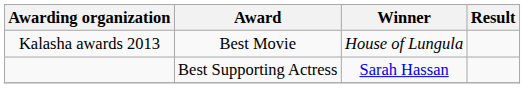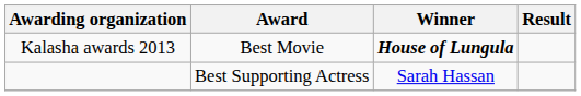 <table class="wikitable sortable" style="text-align: center;">
 <tr>
 <th>Awarding organization</th>
 <th>Award</th>
 <th>Winner</th>
 <th>Result</th>
 </tr>
 <tr>
 <td>Kalasha awards 2013</td>
 <td>Best Movie</td>
-<td><em>House of Lungula</em></td>
+<td><strong><em>House of Lungula</em></strong></td>
 <td></td>
 </tr>
 <tr>
 <td></td>
 <td>Best Supporting Actress</td>
 <td><a href='#'>Sarah Hassan</a></td>
 <td></td>
 </tr>
 <tr>
 </tr>
 </table>
